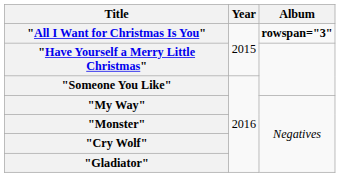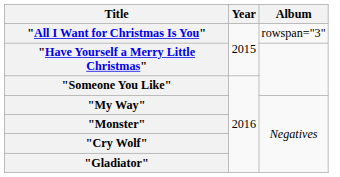 <table class="wikitable plainrowheaders" style="text-align: center">
 <tr>
 <th scope="col" style="width: 18em">Title</th>
 <th scope="col">Year</th>
 <th scope="col">Album</th>
 </tr>
 <tr>
 <th scope="row">"<a href='#'>All I Want for Christmas Is You</a>"</th>
 <td rowspan="2">2015</td>
-<td><strong>rowspan="3" </strong></td>
+<td>rowspan="3" </td>
 </tr>
 <tr>
 <th scope="row">"<a href='#'>Have Yourself a Merry Little Christmas</a>"</th>
 </tr>
 <tr>
 <th scope="row">"Someone You Like"</th>
 <td rowspan="5">2016</td>
 </tr>
 <tr>
 <th scope="row">"My Way"</th>
 <td rowspan="4"><em>Negatives</em></td>
 </tr>
 <tr>
 <th scope="row">"Monster"</th>
 </tr>
 <tr>
 <th scope="row">"Cry Wolf"</th>
 </tr>
 <tr>
 <th scope="row">"Gladiator"</th>
 </tr>
 </table>
